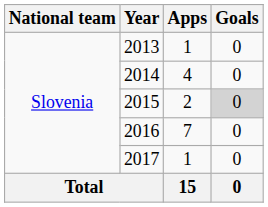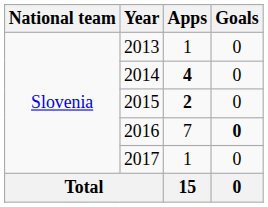 <table class="wikitable" style="text-align:center">
 <tr>
 <th>National team</th>
 <th>Year</th>
 <th>Apps</th>
 <th>Goals</th>
 </tr>
 <tr>
 <td rowspan="5"><a href='#'>Slovenia</a></td>
 <td>2013</td>
 <td>1</td>
 <td>0</td>
 </tr>
 <tr>
 <td>2014</td>
-<td>4</td>
+<td><strong>4</strong></td>
 <td>0</td>
 </tr>
 <tr>
 <td>2015</td>
-<td>2</td>
-<td style="background: lightgrey;">0</td>
+<td><strong>2</strong></td>
+<td>0</td>
 </tr>
 <tr>
 <td>2016</td>
 <td>7</td>
-<td>0</td>
+<td><strong>0</strong></td>
 </tr>
 <tr>
 <td>2017</td>
 <td>1</td>
 <td>0</td>
 </tr>
 <tr>
 <th colspan="2">Total</th>
 <th>15</th>
 <th>0</th>
 </tr>
 </table>
